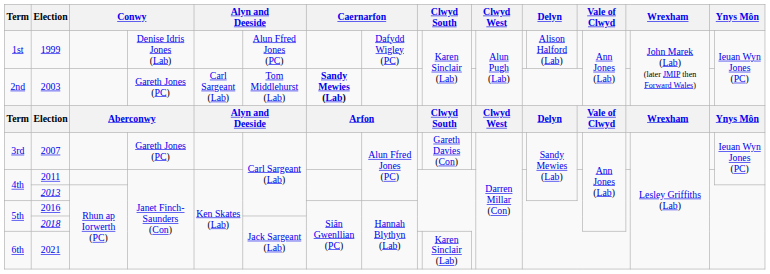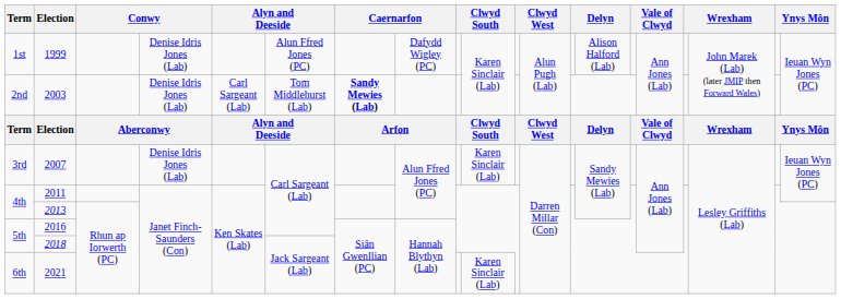 <table class="wikitable" style="text-align:center">
 <tr>
 <th>Term</th>
 <th>Election</th>
 <th colspan="2"><a href='#'>Conwy</a></th>
 <th colspan="2"><a href='#'>Alyn and<br>Deeside</a></th>
 <th colspan="2"><a href='#'>Caernarfon</a></th>
 <th colspan="2"><a href='#'>Clwyd South</a></th>
 <th colspan="2"><a href='#'>Clwyd West</a></th>
 <th colspan="2"><a href='#'>Delyn</a></th>
 <th colspan="2"><a href='#'>Vale of Clwyd</a></th>
 <th colspan="2"><a href='#'>Wrexham</a></th>
 <th colspan="2"><a href='#'>Ynys Môn</a></th>
 </tr>
 <tr>
 <td><a href='#'>1st</a></td>
 <td><a href='#'>1999</a></td>
 <td style="color:inherit;background:"></td>
 <td><a href='#'>Denise Idris Jones</a><br>(<a href='#'>Lab</a>)</td>
 <td></td>
 <td><a href='#'>Alun Ffred Jones</a><br>(<a href='#'>PC</a>)</td>
 <td></td>
 <td><a href='#'>Dafydd Wigley</a><br>(<a href='#'>PC</a>)</td>
 <td></td>
 <td rowspan="2"><a href='#'>Karen Sinclair</a><br>(<a href='#'>Lab</a>)</td>
 <td></td>
 <td rowspan="2"><a href='#'>Alun Pugh</a><br>(<a href='#'>Lab</a>)</td>
 <td></td>
 <td><a href='#'>Alison Halford</a><br>(<a href='#'>Lab</a>)</td>
 <td></td>
 <td rowspan="2"><a href='#'>Ann Jones</a><br>(<a href='#'>Lab</a>)</td>
 <td style="color:inherit;background:"></td>
 <td rowspan="2"><a href='#'>John Marek</a><br>(<a href='#'>Lab</a>)<br><small>(later <a href='#'>JMIP</a> then <a href='#'>Forward Wales</a>)</small></td>
 <td></td>
 <td rowspan="2"><a href='#'>Ieuan Wyn Jones</a><br>(<a href='#'>PC</a>)</td>
 </tr>
 <tr>
 <td><a href='#'>2nd</a></td>
 <td><a href='#'>2003</a></td>
 <td></td>
-<td><a href='#'>Gareth Jones</a><br>(<a href='#'>PC</a>)</td>
+<td><a href='#'>Denise Idris Jones</a><br>(<a href='#'>Lab</a>)</td>
 <td><a href='#'>Carl Sargeant</a><br>(<a href='#'>Lab</a>)</td>
 <td><a href='#'>Tom Middlehurst</a><br>(<a href='#'>Lab</a>)</td>
 <td><strong><a href='#'>Sandy Mewies</a><br>(<a href='#'>Lab</a>)</strong></td>
 <td style="color:inherit;background:"></td>
 </tr>
 <tr>
 <th>Term</th>
 <th>Election</th>
 <th colspan="2"><a href='#'>Aberconwy</a></th>
 <th colspan="2"><a href='#'>Alyn and<br>Deeside</a></th>
 <th colspan="2"><a href='#'>Arfon</a></th>
 <th colspan="2"><a href='#'>Clwyd South</a></th>
 <th colspan="2"><a href='#'>Clwyd West</a></th>
 <th colspan="2"><a href='#'>Delyn</a></th>
 <th colspan="2"><a href='#'>Vale of Clwyd</a></th>
 <th colspan="2"><a href='#'>Wrexham</a></th>
 <th colspan="2"><a href='#'>Ynys Môn</a></th>
 </tr>
 <tr>
 <td><a href='#'>3rd</a></td>
 <td><a href='#'>2007</a></td>
 <td style="color:inherit;background:"></td>
-<td><a href='#'>Gareth Jones</a><br>(<a href='#'>PC</a>)</td>
+<td><a href='#'>Denise Idris Jones</a><br>(<a href='#'>Lab</a>)</td>
 <td></td>
 <td rowspan="4"><a href='#'>Carl Sargeant</a><br>(<a href='#'>Lab</a>)</td>
 <td></td>
 <td rowspan="3"><a href='#'>Alun Ffred Jones</a><br>(<a href='#'>PC</a>)</td>
 <td></td>
-<td><a href='#'>Gareth Davies</a><br>(<a href='#'>Con</a>)</td>
+<td><a href='#'>Karen Sinclair</a><br>(<a href='#'>Lab</a>)</td>
 <td></td>
 <td rowspan="6"><a href='#'>Darren Millar</a><br>(<a href='#'>Con</a>)</td>
 <td></td>
 <td rowspan="3"><a href='#'>Sandy Mewies</a><br>(<a href='#'>Lab</a>)</td>
 <td></td>
 <td rowspan="5"><a href='#'>Ann Jones</a><br>(<a href='#'>Lab</a>)</td>
 <td></td>
 <td rowspan="6"><a href='#'>Lesley Griffiths</a><br>(<a href='#'>Lab</a>)</td>
 <td></td>
 <td rowspan="2"><a href='#'>Ieuan Wyn Jones</a><br>(<a href='#'>PC</a>)</td>
 </tr>
 <tr>
 <td rowspan="2"><a href='#'>4th</a></td>
 <td><a href='#'>2011</a></td>
 <td></td>
 <td rowspan="5"><a href='#'>Janet Finch-Saunders</a><br>(<a href='#'>Con</a>)</td>
 <td rowspan="5"><a href='#'>Ken Skates</a><br>(<a href='#'>Lab</a>)</td>
 </tr>
 <tr>
 <td><em><a href='#'>2013</a></em></td>
 <td rowspan="4"><a href='#'>Rhun ap Iorwerth</a><br>(<a href='#'>PC</a>)</td>
 </tr>
 <tr>
 <td rowspan="2"><a href='#'>5th</a></td>
 <td><a href='#'>2016</a></td>
 <td rowspan="3"><a href='#'>Siân Gwenllian</a><br>(<a href='#'>PC</a>)</td>
 <td rowspan="3"><a href='#'>Hannah Blythyn</a><br>(<a href='#'>Lab</a>)</td>
 </tr>
 <tr>
 <td><em><a href='#'>2018</a></em></td>
 <td rowspan="2"><a href='#'>Jack Sargeant</a><br>(<a href='#'>Lab</a>)</td>
 </tr>
 <tr>
 <td rowspan="2"><a href='#'>6th</a></td>
 <td><a href='#'>2021</a></td>
 <td style="color:inherit;background:"></td>
 <td><a href='#'>Karen Sinclair</a><br>(<a href='#'>Lab</a>)</td>
 </tr>
 </table>
